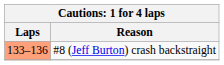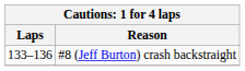 <table class="wikitable">
 <tr>
 <th colspan=2>Cautions: 1 for 4 laps</th>
 </tr>
 <tr>
 <th>Laps</th>
 <th>Reason</th>
 </tr>
 <tr>
-<td style="background: lightsalmon;">133–136</td>
+<td>133–136</td>
 <td>#8 (<a href='#'>Jeff Burton</a>) crash backstraight</td>
 </tr>
 <tr>
 </tr>
 </table>
